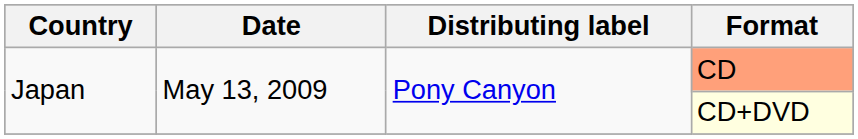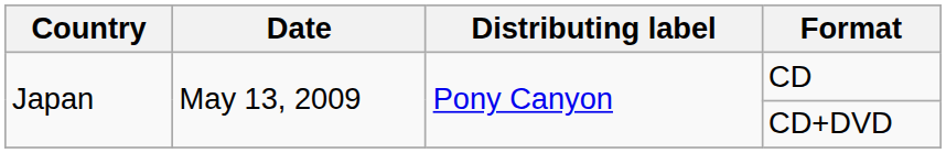 <table class="wikitable" style="width:500px">
 <tr>
 <th>Country</th>
 <th>Date</th>
 <th>Distributing label</th>
 <th>Format</th>
 </tr>
 <tr>
 <td rowspan=2>Japan</td>
 <td rowspan=2>May 13, 2009</td>
 <td rowspan=2><a href='#'>Pony Canyon</a></td>
-<td style="background: lightsalmon;">CD</td>
+<td>CD</td>
 </tr>
 <tr>
-<td style="background: lightyellow;">CD+DVD</td>
+<td>CD+DVD</td>
 </tr>
 </table>
